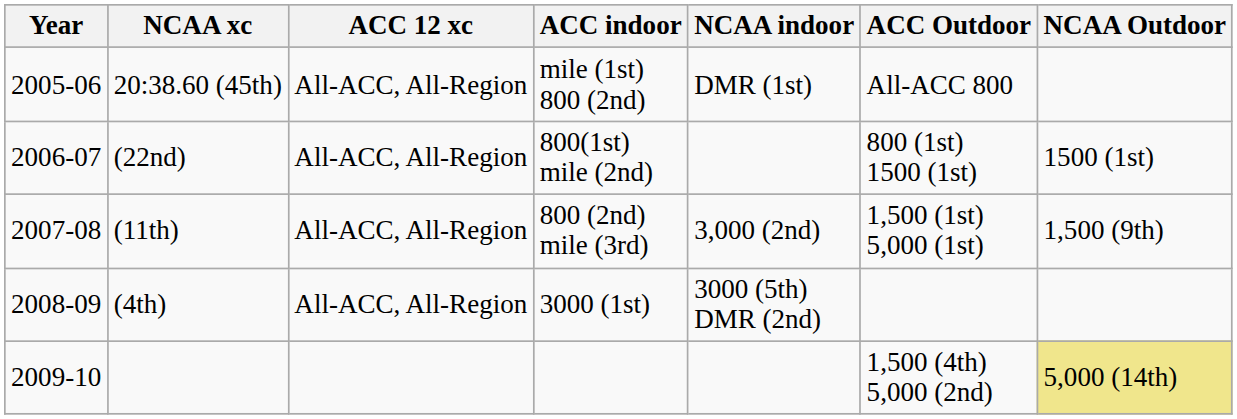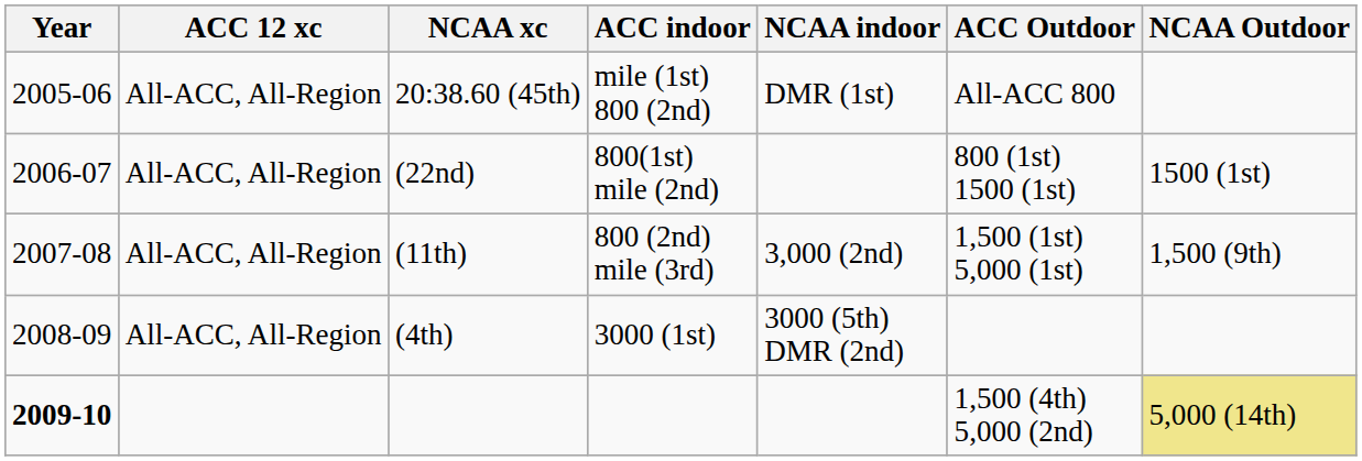 <table class="wikitable sortable">
 <tr>
 <th>Year</th>
+<th>ACC 12 xc</th>
 <th>NCAA xc</th>
-<th>ACC 12 xc</th>
 <th>ACC indoor</th>
 <th>NCAA indoor</th>
 <th>ACC Outdoor</th>
 <th>NCAA Outdoor</th>
 </tr>
 <tr>
 <td>2005-06</td>
+<td>All-ACC, All-Region</td>
 <td>20:38.60 (45th)</td>
-<td>All-ACC, All-Region</td>
 <td>mile (1st)<br>800 (2nd)</td>
 <td>DMR (1st)</td>
 <td>All-ACC 800</td>
 <td></td>
 </tr>
 <tr>
 <td>2006-07</td>
+<td>All-ACC, All-Region</td>
 <td>(22nd)</td>
-<td>All-ACC, All-Region</td>
 <td>800(1st)<br>mile (2nd)</td>
 <td></td>
 <td>800 (1st)<br>1500 (1st)</td>
 <td>1500 (1st)</td>
 </tr>
 <tr>
 <td>2007-08</td>
+<td>All-ACC, All-Region</td>
 <td>(11th)</td>
-<td>All-ACC, All-Region</td>
 <td>800 (2nd)<br>mile (3rd)</td>
 <td>3,000 (2nd)</td>
 <td>1,500 (1st)<br>5,000 (1st)</td>
 <td>1,500 (9th)</td>
 </tr>
 <tr>
 <td>2008-09</td>
+<td>All-ACC, All-Region</td>
 <td>(4th)</td>
-<td>All-ACC, All-Region</td>
 <td>3000 (1st)</td>
 <td>3000 (5th)<br>DMR (2nd)</td>
 <td></td>
 <td></td>
 </tr>
 <tr>
-<td>2009-10</td>
+<td><strong>2009-10</strong></td>
 <td></td>
 <td></td>
 <td></td>
 <td></td>
 <td>1,500 (4th)<br>5,000 (2nd)</td>
 <td style="background: khaki;">5,000 (14th)</td>
 </tr>
 </table>
